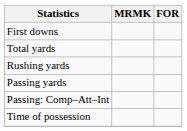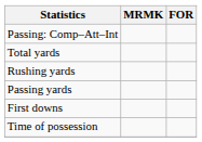 <table class="wikitable" style="float: left;">
 <tr>
 <th>Statistics</th>
 <th>MRMK</th>
 <th>FOR</th>
 </tr>
 <tr>
-<td>First downs</td>
+<td>Passing: Comp–Att–Int</td>
 <td></td>
 <td></td>
 </tr>
 <tr>
 <td>Total yards</td>
 <td></td>
 <td></td>
 </tr>
 <tr>
 <td>Rushing yards</td>
 <td></td>
 <td></td>
 </tr>
 <tr>
 <td>Passing yards</td>
 <td></td>
 <td></td>
 </tr>
 <tr>
-<td>Passing: Comp–Att–Int</td>
+<td>First downs</td>
 <td></td>
 <td></td>
 </tr>
 <tr>
 <td>Time of possession</td>
 <td></td>
 <td></td>
 </tr>
 <tr>
 </tr>
 </table>
